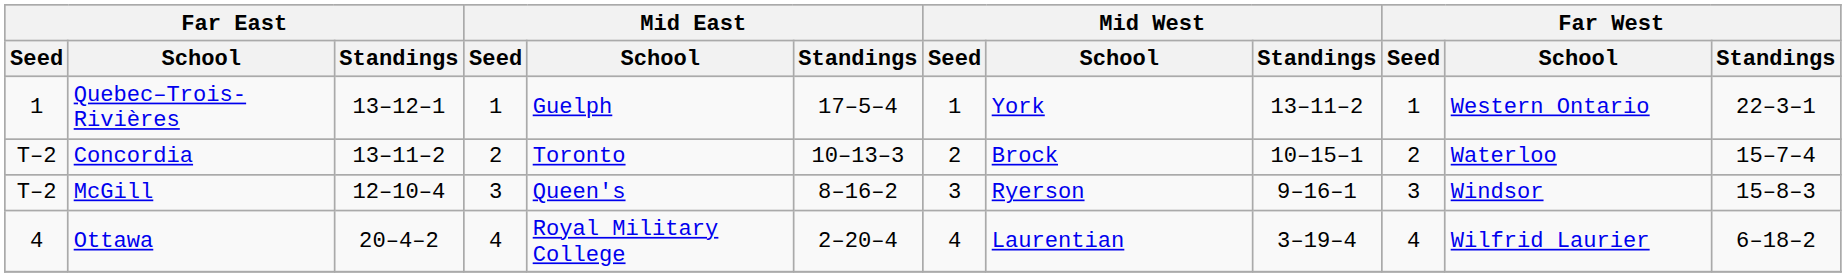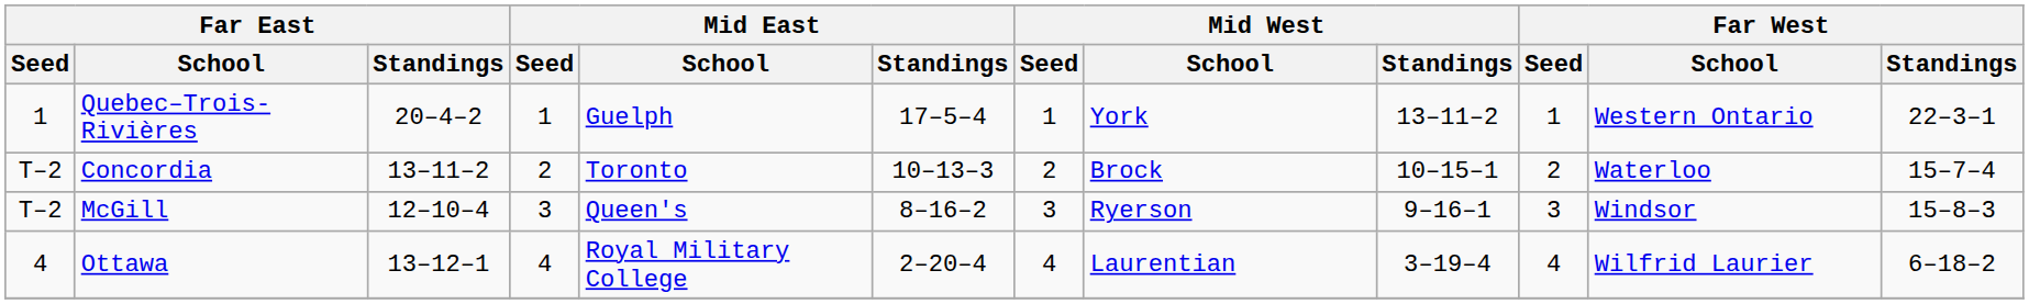 <table class="wikitable">
 <tr>
 <th colspan=3>Far East</th>
 <th colspan=3>Mid East</th>
 <th colspan=3>Mid West</th>
 <th colspan=3>Far West</th>
 </tr>
 <tr>
 <th>Seed</th>
 <th style="width:150px">School</th>
 <th>Standings</th>
 <th>Seed</th>
 <th style="width:150px">School</th>
 <th>Standings</th>
 <th>Seed</th>
 <th style="width:150px">School</th>
 <th>Standings</th>
 <th>Seed</th>
 <th style="width:150px">School</th>
 <th>Standings</th>
 </tr>
 <tr>
 <td align=center>1</td>
 <td><a href='#'>Quebec–Trois-Rivières</a></td>
-<td align=center>13–12–1</td>
+<td align=center>20–4–2</td>
 <td align=center>1</td>
 <td><a href='#'>Guelph</a></td>
 <td align=center>17–5–4</td>
 <td align=center>1</td>
 <td><a href='#'>York</a></td>
 <td align=center>13–11–2</td>
 <td align=center>1</td>
 <td><a href='#'>Western Ontario</a></td>
 <td align=center>22–3–1</td>
 </tr>
 <tr>
 <td align=center>T–2</td>
 <td><a href='#'>Concordia</a></td>
 <td align=center>13–11–2</td>
 <td align=center>2</td>
 <td><a href='#'>Toronto</a></td>
 <td align=center>10–13–3</td>
 <td align=center>2</td>
 <td><a href='#'>Brock</a></td>
 <td align=center>10–15–1</td>
 <td align=center>2</td>
 <td><a href='#'>Waterloo</a></td>
 <td align=center>15–7–4</td>
 </tr>
 <tr>
 <td align=center>T–2</td>
 <td><a href='#'>McGill</a></td>
 <td align=center>12–10–4</td>
 <td align=center>3</td>
 <td><a href='#'>Queen's</a></td>
 <td align=center>8–16–2</td>
 <td align=center>3</td>
 <td><a href='#'>Ryerson</a></td>
 <td align=center>9–16–1</td>
 <td align=center>3</td>
 <td><a href='#'>Windsor</a></td>
 <td align=center>15–8–3</td>
 </tr>
 <tr>
 <td align=center>4</td>
 <td><a href='#'>Ottawa</a></td>
-<td align=center>20–4–2</td>
+<td align=center>13–12–1</td>
 <td align=center>4</td>
 <td><a href='#'>Royal Military College</a></td>
 <td align=center>2–20–4</td>
 <td align=center>4</td>
 <td><a href='#'>Laurentian</a></td>
 <td align=center>3–19–4</td>
 <td align=center>4</td>
 <td><a href='#'>Wilfrid Laurier</a></td>
 <td align=center>6–18–2</td>
 </tr>
 <tr>
 </tr>
 </table>
